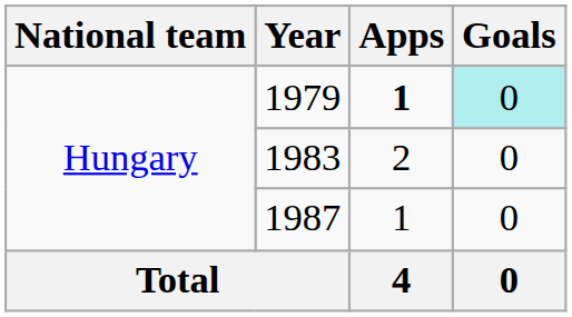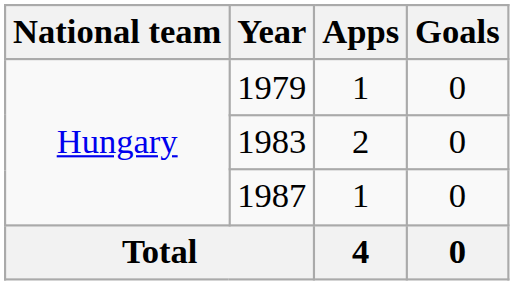 <table class="wikitable" style="text-align:center">
 <tr>
 <th>National team</th>
 <th>Year</th>
 <th>Apps</th>
 <th>Goals</th>
 </tr>
 <tr>
 <td rowspan="3"><a href='#'>Hungary</a></td>
 <td>1979</td>
-<td><strong>1</strong></td>
-<td style="background: paleturquoise;">0</td>
+<td>1</td>
+<td>0</td>
 </tr>
 <tr>
 <td>1983</td>
 <td>2</td>
 <td>0</td>
 </tr>
 <tr>
 <td>1987</td>
 <td>1</td>
 <td>0</td>
 </tr>
 <tr>
 <th colspan=2>Total</th>
 <th>4</th>
 <th>0</th>
 </tr>
 </table>
